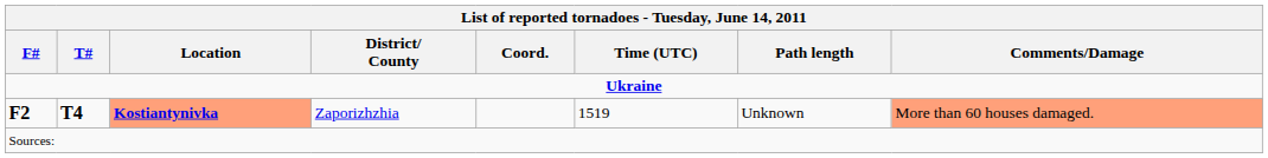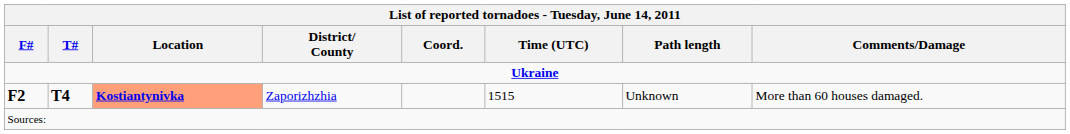 <table class="wikitable collapsible" width="100%">
 <tr>
 <th colspan="8">List of reported tornadoes - Tuesday, June 14, 2011</th>
 </tr>
 <tr>
 <th><a href='#'>F#</a></th>
 <th><a href='#'>T#</a></th>
 <th>Location</th>
 <th>District/<br>County</th>
 <th>Coord.</th>
 <th>Time (UTC)</th>
 <th>Path length</th>
 <th>Comments/Damage</th>
 </tr>
 <tr>
 <td colspan="8" align=center><strong><a href='#'>Ukraine</a></strong></td>
 </tr>
 <tr>
 <td><big><strong>F2</strong></big></td>
 <td><big><strong>T4</strong></big></td>
 <td style="background: lightsalmon;"><strong><a href='#'>Kostiantynivka</a></strong></td>
 <td><a href='#'>Zaporizhzhia</a></td>
 <td></td>
-<td>1519</td>
+<td>1515</td>
 <td>Unknown</td>
-<td style="background: lightsalmon;">More than 60 houses damaged.</td>
+<td>More than 60 houses damaged.</td>
 </tr>
 <tr>
 <td colspan="8"><small>Sources:  </small></td>
 </tr>
 </table>
